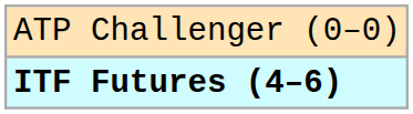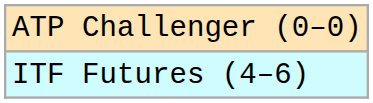 <table class=wikitable style=font-size:97%>
 <tr bgcolor=moccasin>
 <td>ATP Challenger (0–0)</td>
 </tr>
 <tr bgcolor=cffcff>
-<td><strong>ITF Futures (4–6)</strong></td>
+<td>ITF Futures (4–6)</td>
 </tr>
 </table>
